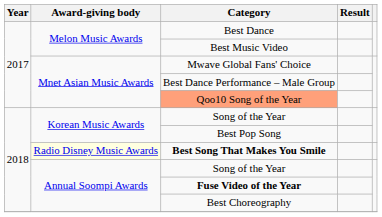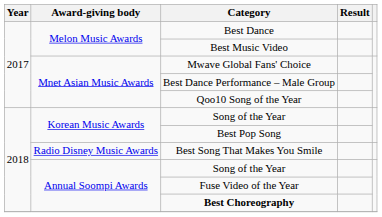 <table class="sortable wikitable">
 <tr>
 <th scope="col">Year</th>
 <th scope="col">Award-giving body</th>
 <th scope="col">Category</th>
 <th scope="col">Result</th>
 <th class="unsortable"></th>
 </tr>
 <tr>
 <td align="center" rowspan="5">2017</td>
 <td align="center" rowspan="2"><a href='#'>Melon Music Awards</a></td>
 <td align="center">Best Dance</td>
 <td></td>
 <td align="center" rowspan="2"></td>
 </tr>
 <tr>
 <td align="center">Best Music Video</td>
 <td></td>
 </tr>
 <tr>
 <td align="center" rowspan="3"><a href='#'>Mnet Asian Music Awards</a></td>
 <td align="center">Mwave Global Fans' Choice</td>
 <td></td>
 <td align="center" rowspan="3"></td>
 </tr>
 <tr>
 <td align="center">Best Dance Performance – Male Group</td>
 <td></td>
 </tr>
 <tr>
-<td align="center" style="background: lightsalmon;">Qoo10 Song of the Year</td>
+<td align="center">Qoo10 Song of the Year</td>
 <td></td>
 </tr>
 <tr>
 <td align="center" rowspan="6">2018</td>
 <td align="center" rowspan="2"><a href='#'>Korean Music Awards</a></td>
 <td align="center">Song of the Year</td>
 <td></td>
 <td align="center" rowspan="2"></td>
 </tr>
 <tr>
 <td align="center">Best Pop Song</td>
 <td></td>
 </tr>
 <tr>
-<td align="center" style="background: lightyellow;"><a href='#'>Radio Disney Music Awards</a></td>
-<td align="center"><strong>Best Song That Makes You Smile</strong></td>
+<td align="center"><a href='#'>Radio Disney Music Awards</a></td>
+<td align="center">Best Song That Makes You Smile</td>
 <td></td>
 <td align="center"></td>
 </tr>
 <tr>
 <td align="center" rowspan="3"><a href='#'>Annual Soompi Awards</a></td>
 <td align="center" rowspan="1">Song of the Year</td>
 <td></td>
 <td align="center" rowspan="3"></td>
 </tr>
 <tr>
-<td align="center" rowspan="1"><strong>Fuse Video of the Year</strong></td>
+<td align="center" rowspan="1">Fuse Video of the Year</td>
 <td></td>
 </tr>
 <tr>
-<td align="center" rowspan="1">Best Choreography</td>
+<td align="center" rowspan="1"><strong>Best Choreography</strong></td>
 <td></td>
 </tr>
 <tr>
 </tr>
 </table>
